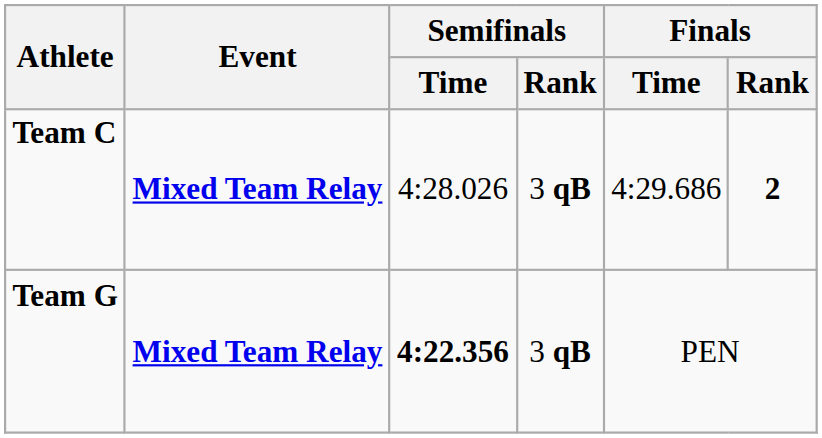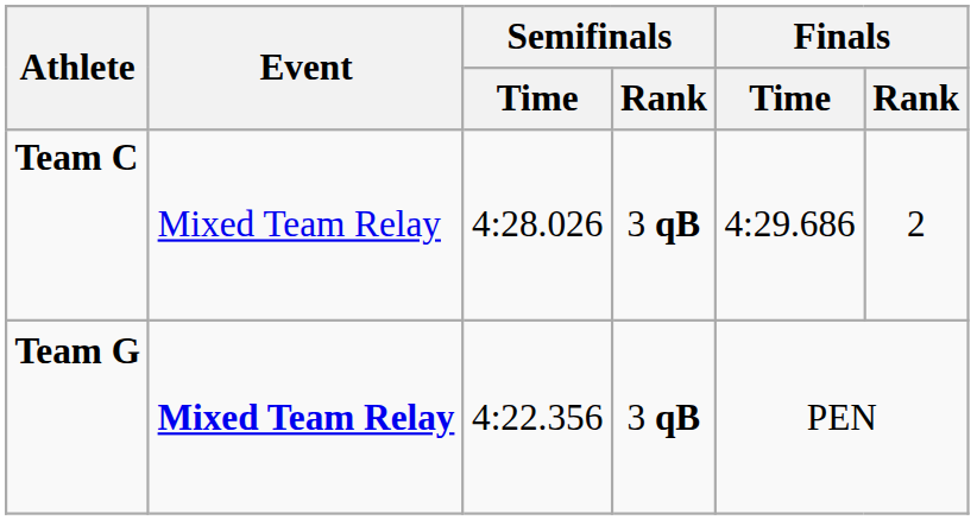 <table class="wikitable" style="font-size:90%;">
 <tr>
 <th rowspan=2>Athlete</th>
 <th rowspan=2>Event</th>
 <th colspan=2>Semifinals</th>
 <th colspan=2>Finals</th>
 </tr>
 <tr>
 <th>Time</th>
 <th>Rank</th>
 <th>Time</th>
 <th>Rank</th>
 </tr>
 <tr>
 <td><strong>Team C</strong><br><br><br><br></td>
-<td><strong><a href='#'>Mixed Team Relay</a></strong></td>
+<td><a href='#'>Mixed Team Relay</a></td>
 <td align=center>4:28.026</td>
 <td align=center>3 <strong>qB</strong></td>
 <td align=center>4:29.686</td>
-<td align=center><strong>2</strong></td>
+<td align=center>2</td>
 </tr>
 <tr>
 <td><strong>Team G</strong><br><br><br><br></td>
 <td><strong><a href='#'>Mixed Team Relay</a></strong></td>
-<td align=center><strong>4:22.356</strong></td>
+<td align=center>4:22.356</td>
 <td align=center>3 <strong>qB</strong></td>
 <td align=center colspan=2>PEN</td>
 </tr>
 </table>
